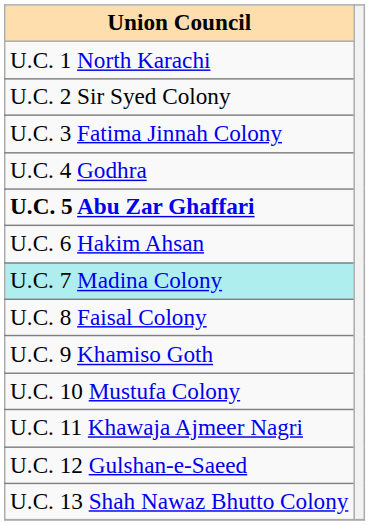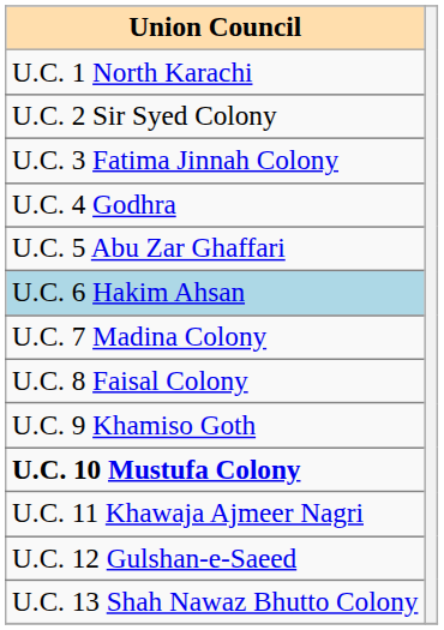 <table class="sortable wikitable" align="left">
 <tr>
 <th style="background:#ffdead;"><strong>Union Council</strong></th>
 <th rowspan=14 style="border-bottom:1px solid grey;" valign="top" class="unsortable"><br><br></th>
 </tr>
 <tr>
 <td style="border-bottom:1px solid grey;">U.C. 1 <a href='#'>North Karachi</a></td>
 </tr>
 <tr>
 <td style="border-bottom:1px solid grey;">U.C. 2 Sir Syed Colony</td>
 </tr>
 <tr>
 <td style="border-bottom:1px solid grey;">U.C. 3 <a href='#'>Fatima Jinnah Colony</a></td>
 </tr>
 <tr>
 <td style="border-bottom:1px solid grey;">U.C. 4 <a href='#'>Godhra</a></td>
 </tr>
 <tr>
-<td style="border-bottom:1px solid grey;"><strong>U.C. 5 <a href='#'>Abu Zar Ghaffari</a></strong></td>
+<td style="border-bottom:1px solid grey;">U.C. 5 <a href='#'>Abu Zar Ghaffari</a></td>
 </tr>
 <tr>
-<td style="border-bottom:1px solid grey;">U.C. 6 <a href='#'>Hakim Ahsan</a></td>
+<td style="background: lightblue; border-bottom:1px solid grey;">U.C. 6 <a href='#'>Hakim Ahsan</a></td>
 </tr>
 <tr>
-<td style="background: paleturquoise; border-bottom:1px solid grey;">U.C. 7 <a href='#'>Madina Colony</a></td>
+<td style="border-bottom:1px solid grey;">U.C. 7 <a href='#'>Madina Colony</a></td>
 </tr>
 <tr>
 <td style="border-bottom:1px solid grey;">U.C. 8 <a href='#'>Faisal Colony</a></td>
 </tr>
 <tr>
 <td style="border-bottom:1px solid grey;">U.C. 9 <a href='#'>Khamiso Goth</a></td>
 </tr>
 <tr>
-<td style="border-bottom:1px solid grey;">U.C. 10 <a href='#'>Mustufa Colony</a></td>
+<td style="border-bottom:1px solid grey;"><strong>U.C. 10 <a href='#'>Mustufa Colony</a></strong></td>
 </tr>
 <tr>
 <td style="border-bottom:1px solid grey;">U.C. 11 <a href='#'>Khawaja Ajmeer Nagri</a></td>
 </tr>
 <tr>
 <td style="border-bottom:1px solid grey;">U.C. 12 <a href='#'>Gulshan-e-Saeed</a></td>
 </tr>
 <tr>
 <td style="border-bottom:1px solid grey;">U.C. 13 <a href='#'>Shah Nawaz Bhutto Colony</a></td>
 </tr>
 <tr>
 </tr>
 </table>
